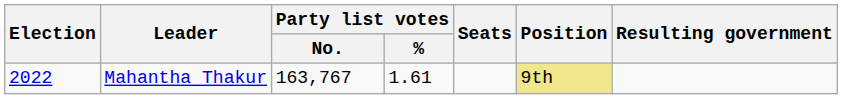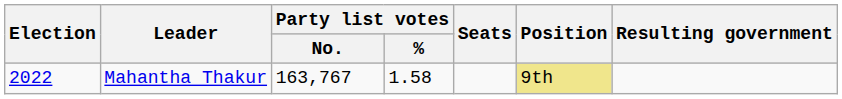 <table class="wikitable">
 <tr>
 <th rowspan="2" style="background:">Election</th>
 <th rowspan="2" style="background:">Leader</th>
 <th colspan="2" style="background:">Party list votes</th>
 <th rowspan="2" style="background:">Seats</th>
 <th rowspan="2" style="background:">Position</th>
 <th rowspan="2" style="background:">Resulting government</th>
 </tr>
 <tr>
 <th style="background:">No.</th>
 <th style="background:">%</th>
 </tr>
 <tr>
 <td><a href='#'>2022</a></td>
 <td><a href='#'>Mahantha Thakur</a></td>
 <td>163,767</td>
-<td>1.61</td>
+<td>1.58</td>
 <td></td>
 <td style="background: khaki;">9th</td>
 <td></td>
 </tr>
 </table>
